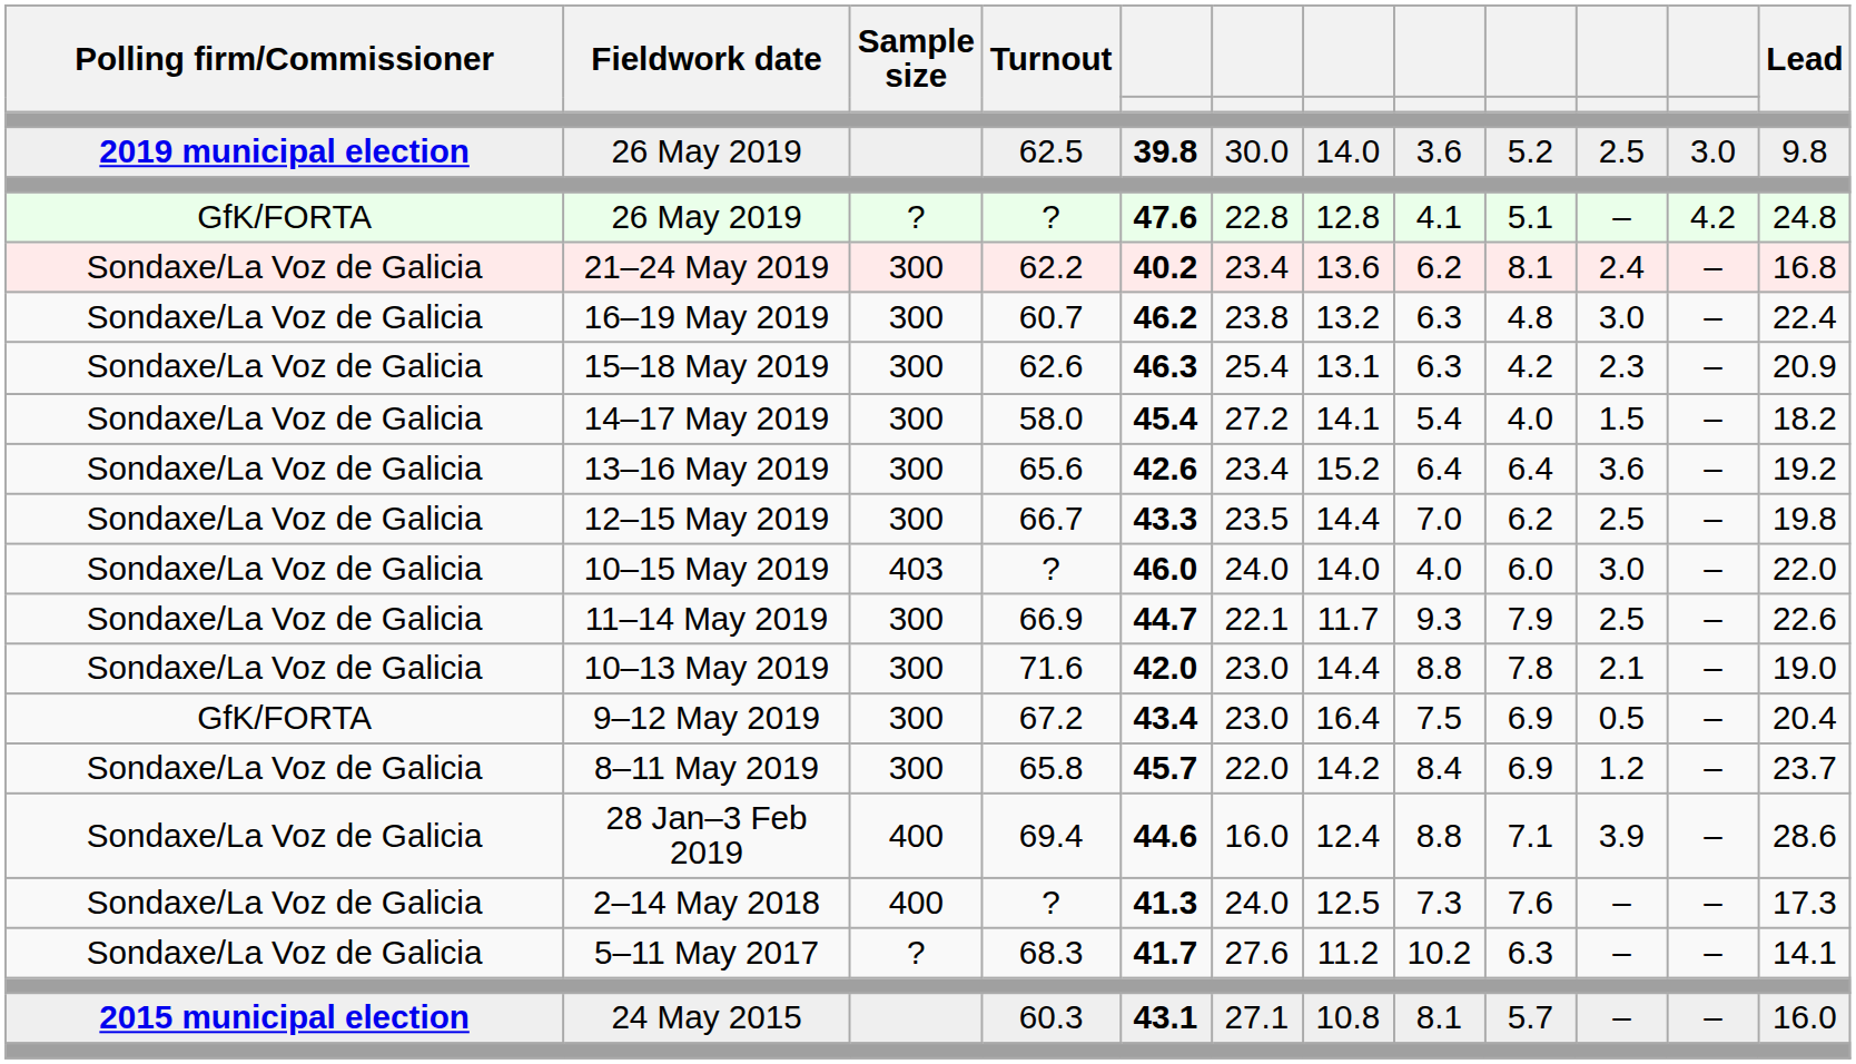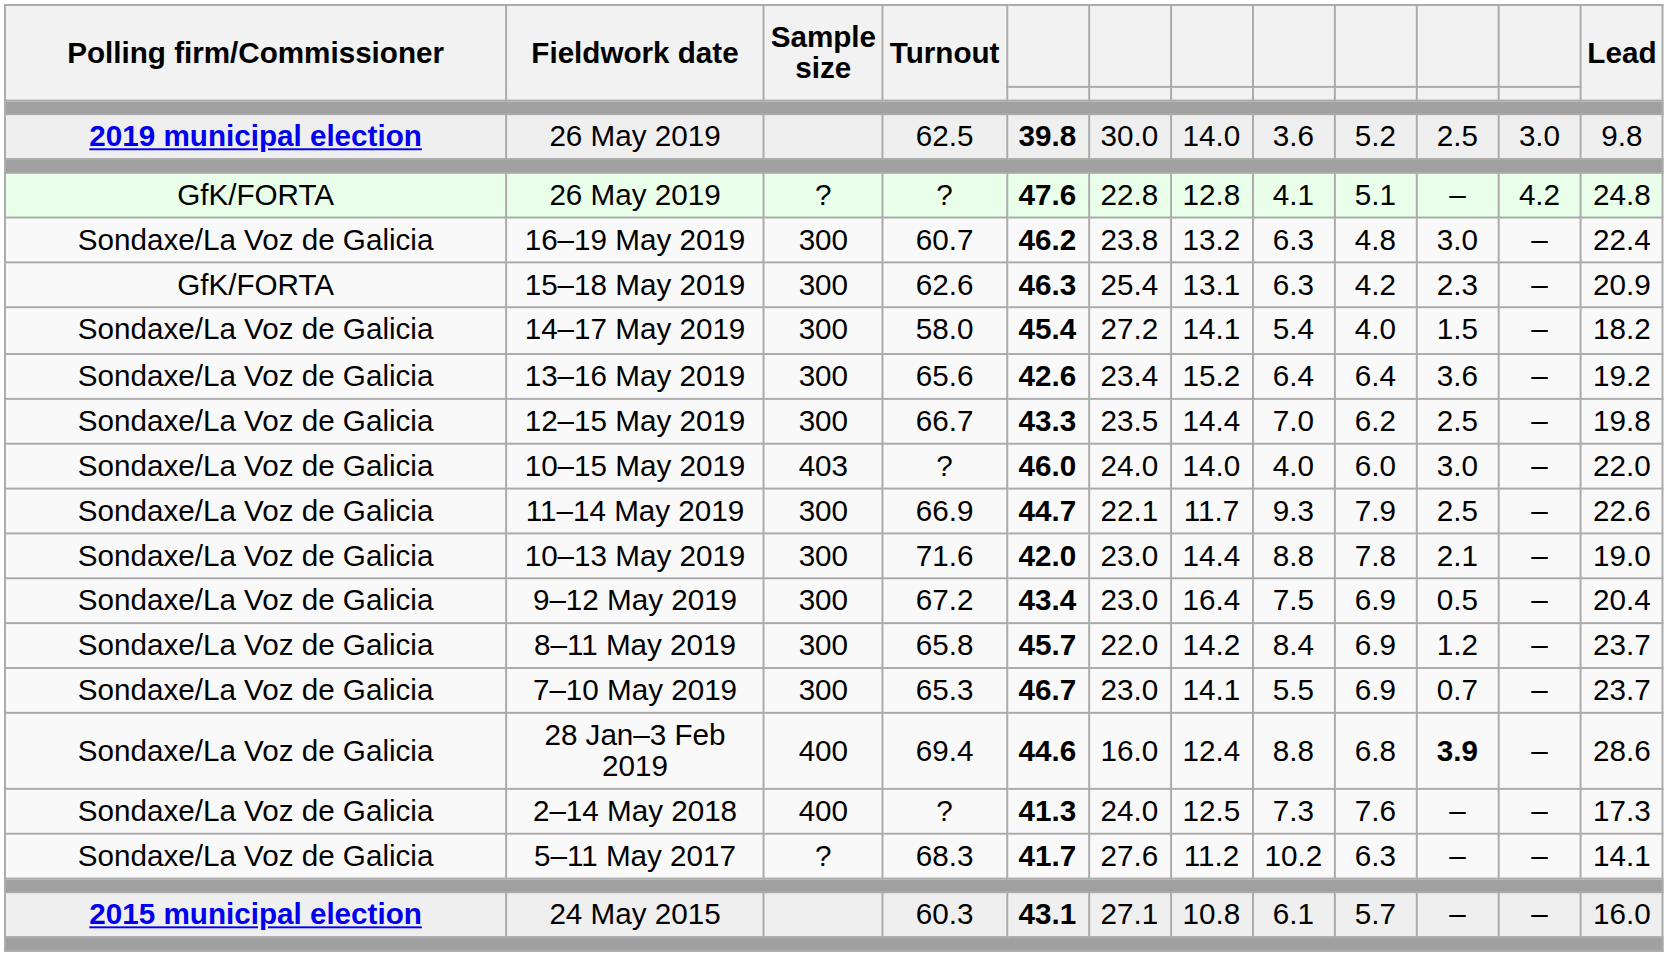 <table class="wikitable collapsible collapsed" style="text-align:center; font-size:95%; line-height:16px;">
 <tr style="height:42px;">
 <th style="width:250px;" rowspan="2">Polling firm/Commissioner</th>
 <th style="width:125px;" rowspan="2">Fieldwork date</th>
 <th style="width:50px;" rowspan="2">Sample size</th>
 <th style="width:45px;" rowspan="2">Turnout</th>
 <th style="width:35px;"></th>
 <th style="width:35px;"></th>
 <th style="width:35px;"></th>
 <th style="width:35px;"></th>
 <th style="width:35px;"></th>
 <th style="width:35px;"></th>
 <th style="width:35px;"></th>
 <th style="width:30px;" rowspan="2">Lead</th>
 </tr>
 <tr>
 <th style="color:inherit;background:"></th>
 <th style="color:inherit;background:"></th>
 <th style="color:inherit;background:"></th>
 <th style="color:inherit;background:"></th>
 <th style="color:inherit;background:"></th>
 <th style="color:inherit;background:"></th>
 <th style="color:inherit;background:"></th>
 </tr>
 <tr>
 <td colspan="12" style="background:#A0A0A0"></td>
 </tr>
 <tr style="background:#EFEFEF;">
 <td><strong><a href='#'>2019 municipal election</a></strong></td>
 <td>26 May 2019</td>
 <td></td>
 <td>62.5</td>
 <td><strong>39.8</strong><br></td>
 <td>30.0<br></td>
 <td>14.0<br></td>
 <td>3.6<br></td>
 <td>5.2<br></td>
 <td>2.5<br></td>
 <td>3.0<br></td>
 <td style="background:">9.8</td>
 </tr>
 <tr>
 <td colspan="12" style="background:#A0A0A0"></td>
 </tr>
 <tr style="background:#EAFFEA;">
 <td>GfK/FORTA</td>
 <td>26 May 2019</td>
 <td>?</td>
 <td>?</td>
 <td><strong>47.6</strong><br></td>
 <td>22.8<br></td>
 <td>12.8<br></td>
 <td>4.1<br></td>
 <td>5.1<br></td>
 <td>–</td>
 <td>4.2<br></td>
 <td style="background:">24.8</td>
 </tr>
-<tr style="background:#FFEAEA;">
-<td>Sondaxe/La Voz de Galicia</td>
-<td>21–24 May 2019</td>
-<td>300</td>
-<td>62.2</td>
-<td><strong>40.2</strong><br></td>
-<td>23.4<br></td>
-<td>13.6<br></td>
-<td>6.2<br></td>
-<td>8.1<br></td>
-<td>2.4<br></td>
-<td>–</td>
-<td style="background:">16.8</td>
-</tr>
 <tr>
 <td>Sondaxe/La Voz de Galicia</td>
 <td>16–19 May 2019</td>
 <td>300</td>
 <td>60.7</td>
 <td><strong>46.2</strong><br></td>
 <td>23.8<br></td>
 <td>13.2<br></td>
 <td>6.3<br></td>
 <td>4.8<br></td>
 <td>3.0<br></td>
 <td>–</td>
 <td style="background:">22.4</td>
 </tr>
 <tr>
-<td>Sondaxe/La Voz de Galicia</td>
+<td>GfK/FORTA</td>
 <td>15–18 May 2019</td>
 <td>300</td>
 <td>62.6</td>
 <td><strong>46.3</strong><br></td>
 <td>25.4<br></td>
 <td>13.1<br></td>
 <td>6.3<br></td>
 <td>4.2<br></td>
 <td>2.3<br></td>
 <td>–</td>
 <td style="background:">20.9</td>
 </tr>
 <tr>
 <td>Sondaxe/La Voz de Galicia</td>
 <td>14–17 May 2019</td>
 <td>300</td>
 <td>58.0</td>
 <td><strong>45.4</strong><br></td>
 <td>27.2<br></td>
 <td>14.1<br></td>
 <td>5.4<br></td>
 <td>4.0<br></td>
 <td>1.5<br></td>
 <td>–</td>
 <td style="background:">18.2</td>
 </tr>
 <tr>
 <td>Sondaxe/La Voz de Galicia</td>
 <td>13–16 May 2019</td>
 <td>300</td>
 <td>65.6</td>
 <td><strong>42.6</strong><br></td>
 <td>23.4<br></td>
 <td>15.2<br></td>
 <td>6.4<br></td>
 <td>6.4<br></td>
 <td>3.6<br></td>
 <td>–</td>
 <td style="background:">19.2</td>
 </tr>
 <tr>
 <td>Sondaxe/La Voz de Galicia</td>
 <td>12–15 May 2019</td>
 <td>300</td>
 <td>66.7</td>
 <td><strong>43.3</strong><br></td>
 <td>23.5<br></td>
 <td>14.4<br></td>
 <td>7.0<br></td>
 <td>6.2<br></td>
 <td>2.5<br></td>
 <td>–</td>
 <td style="background:">19.8</td>
 </tr>
 <tr>
 <td>Sondaxe/La Voz de Galicia</td>
 <td>10–15 May 2019</td>
 <td>403</td>
 <td>?</td>
 <td><strong>46.0</strong><br></td>
 <td>24.0<br></td>
 <td>14.0<br></td>
 <td>4.0<br></td>
 <td>6.0<br></td>
 <td>3.0<br></td>
 <td>–</td>
 <td style="background:">22.0</td>
 </tr>
 <tr>
 <td>Sondaxe/La Voz de Galicia</td>
 <td>11–14 May 2019</td>
 <td>300</td>
 <td>66.9</td>
 <td><strong>44.7</strong><br></td>
 <td>22.1<br></td>
 <td>11.7<br></td>
 <td>9.3<br></td>
 <td>7.9<br></td>
 <td>2.5<br></td>
 <td>–</td>
 <td style="background:">22.6</td>
 </tr>
 <tr>
 <td>Sondaxe/La Voz de Galicia</td>
 <td>10–13 May 2019</td>
 <td>300</td>
 <td>71.6</td>
 <td><strong>42.0</strong><br></td>
 <td>23.0<br></td>
 <td>14.4<br></td>
 <td>8.8<br></td>
 <td>7.8<br></td>
 <td>2.1<br></td>
 <td>–</td>
 <td style="background:">19.0</td>
 </tr>
 <tr>
-<td>GfK/FORTA</td>
+<td>Sondaxe/La Voz de Galicia</td>
 <td>9–12 May 2019</td>
 <td>300</td>
 <td>67.2</td>
 <td><strong>43.4</strong><br></td>
 <td>23.0<br></td>
 <td>16.4<br></td>
 <td>7.5<br></td>
 <td>6.9<br></td>
 <td>0.5<br></td>
 <td>–</td>
 <td style="background:">20.4</td>
 </tr>
 <tr>
 <td>Sondaxe/La Voz de Galicia</td>
 <td>8–11 May 2019</td>
 <td>300</td>
 <td>65.8</td>
 <td><strong>45.7</strong><br></td>
 <td>22.0<br></td>
 <td>14.2<br></td>
 <td>8.4<br></td>
 <td>6.9<br></td>
 <td>1.2<br></td>
 <td>–</td>
 <td style="background:">23.7</td>
 </tr>
 <tr>
 <td>Sondaxe/La Voz de Galicia</td>
+<td>7–10 May 2019</td>
+<td>300</td>
+<td>65.3</td>
+<td><strong>46.7</strong><br></td>
+<td>23.0<br></td>
+<td>14.1<br></td>
+<td>5.5<br></td>
+<td>6.9<br></td>
+<td>0.7<br></td>
+<td>–</td>
+<td style="background:">23.7</td>
+</tr>
+<tr>
+<td>Sondaxe/La Voz de Galicia</td>
 <td>28 Jan–3 Feb 2019</td>
 <td>400</td>
 <td>69.4</td>
 <td><strong>44.6</strong><br></td>
 <td>16.0<br></td>
 <td>12.4<br></td>
 <td>8.8<br></td>
-<td>7.1<br></td>
-<td>3.9<br></td>
+<td>6.8<br></td>
+<td><strong>3.9<br></strong></td>
 <td>–</td>
 <td style="background:">28.6</td>
 </tr>
 <tr>
 <td>Sondaxe/La Voz de Galicia</td>
 <td>2–14 May 2018</td>
 <td>400</td>
 <td>?</td>
 <td><strong>41.3</strong><br></td>
 <td>24.0<br></td>
 <td>12.5<br></td>
 <td>7.3<br></td>
 <td>7.6<br></td>
 <td>–</td>
 <td>–</td>
 <td style="background:">17.3</td>
 </tr>
 <tr>
 <td>Sondaxe/La Voz de Galicia</td>
 <td>5–11 May 2017</td>
 <td>?</td>
 <td>68.3</td>
 <td><strong>41.7</strong><br></td>
 <td>27.6<br></td>
 <td>11.2<br></td>
 <td>10.2<br></td>
 <td>6.3<br></td>
 <td>–</td>
 <td>–</td>
 <td style="background:">14.1</td>
 </tr>
 <tr>
 <td colspan="12" style="background:#A0A0A0"></td>
 </tr>
 <tr style="background:#EFEFEF;">
 <td><strong><a href='#'>2015 municipal election</a></strong></td>
 <td>24 May 2015</td>
 <td></td>
 <td>60.3</td>
 <td><strong>43.1</strong><br></td>
 <td>27.1<br></td>
 <td>10.8<br></td>
-<td>8.1<br></td>
+<td>6.1<br></td>
 <td>5.7<br></td>
 <td>–</td>
 <td>–</td>
 <td style="background:">16.0</td>
 </tr>
 <tr>
 <td colspan="12" style="background:#A0A0A0"></td>
 </tr>
 </table>
